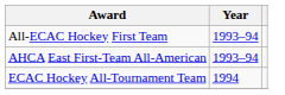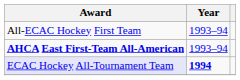 <table class="wikitable">
 <tr>
 <th>Award</th>
 <th>Year</th>
 <th></th>
 </tr>
 <tr>
 <td>All-<a href='#'>ECAC Hockey</a> <a href='#'>First Team</a></td>
 <td><a href='#'>1993–94</a></td>
 <td></td>
 </tr>
 <tr>
-<td><a href='#'>AHCA</a> <a href='#'>East First-Team All-American</a></td>
+<td><strong><a href='#'>AHCA</a> <a href='#'>East First-Team All-American</a></strong></td>
 <td><a href='#'>1993–94</a></td>
 <td></td>
 </tr>
 <tr>
-<td><a href='#'>ECAC Hockey</a> <a href='#'>All-Tournament Team</a></td>
-<td><a href='#'>1994</a></td>
+<td style="background: lavender;"><a href='#'>ECAC Hockey</a> <a href='#'>All-Tournament Team</a></td>
+<td><strong><a href='#'>1994</a></strong></td>
 <td></td>
 </tr>
 <tr>
 </tr>
 </table>
